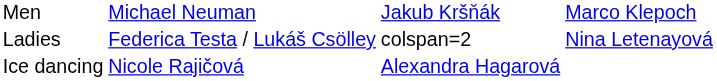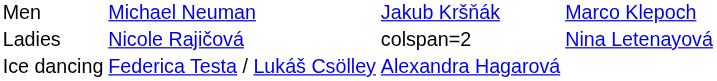 <table>
 <tr>
 <td>Men</td>
 <td><a href='#'>Michael Neuman</a></td>
 <td><a href='#'>Jakub Kršňák</a></td>
 <td><a href='#'>Marco Klepoch</a></td>
 </tr>
 <tr>
 <td>Ladies</td>
-<td><a href='#'>Federica Testa</a> / <a href='#'>Lukáš Csölley</a></td>
+<td><a href='#'>Nicole Rajičová</a></td>
 <td>colspan=2 </td>
 <td><a href='#'>Nina Letenayová</a></td>
 </tr>
 <tr>
 <td>Ice dancing</td>
-<td><a href='#'>Nicole Rajičová</a></td>
+<td><a href='#'>Federica Testa</a> / <a href='#'>Lukáš Csölley</a></td>
 <td><a href='#'>Alexandra Hagarová</a></td>
 </tr>
 </table>
